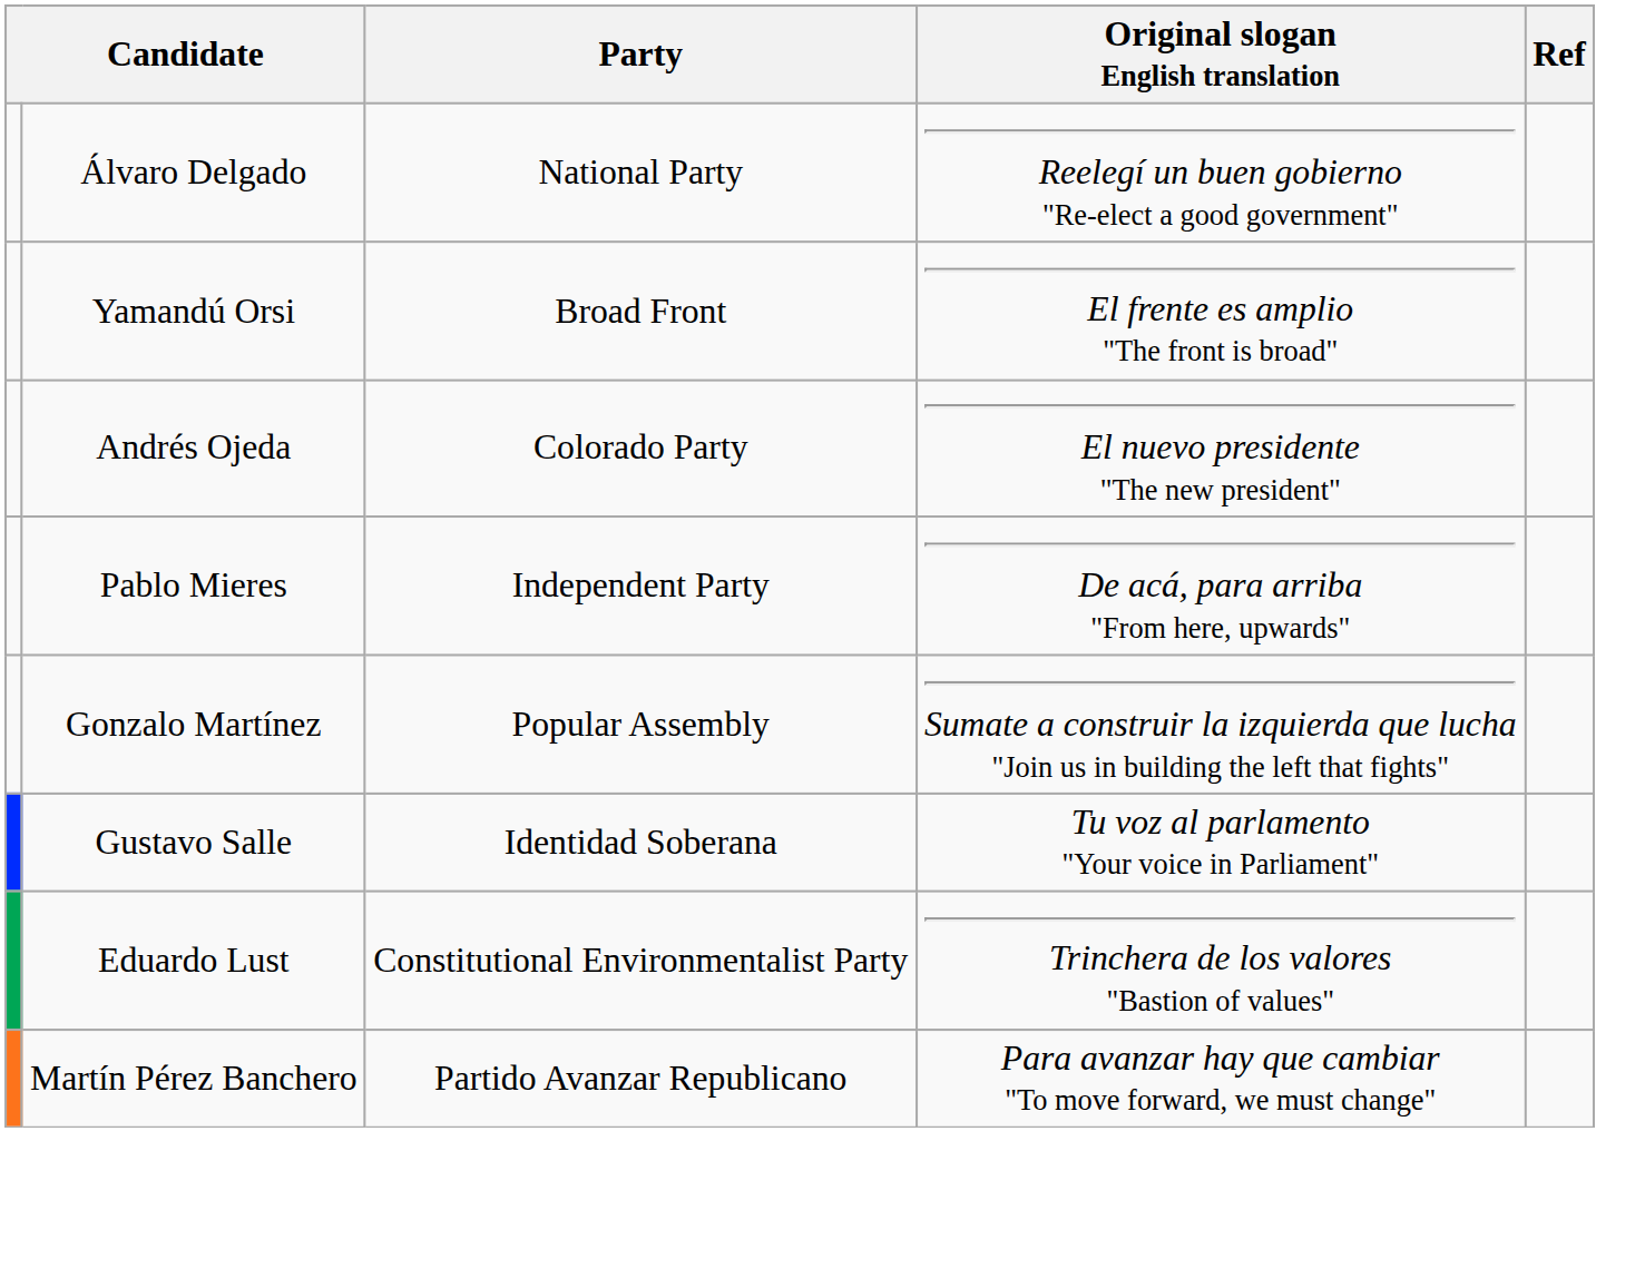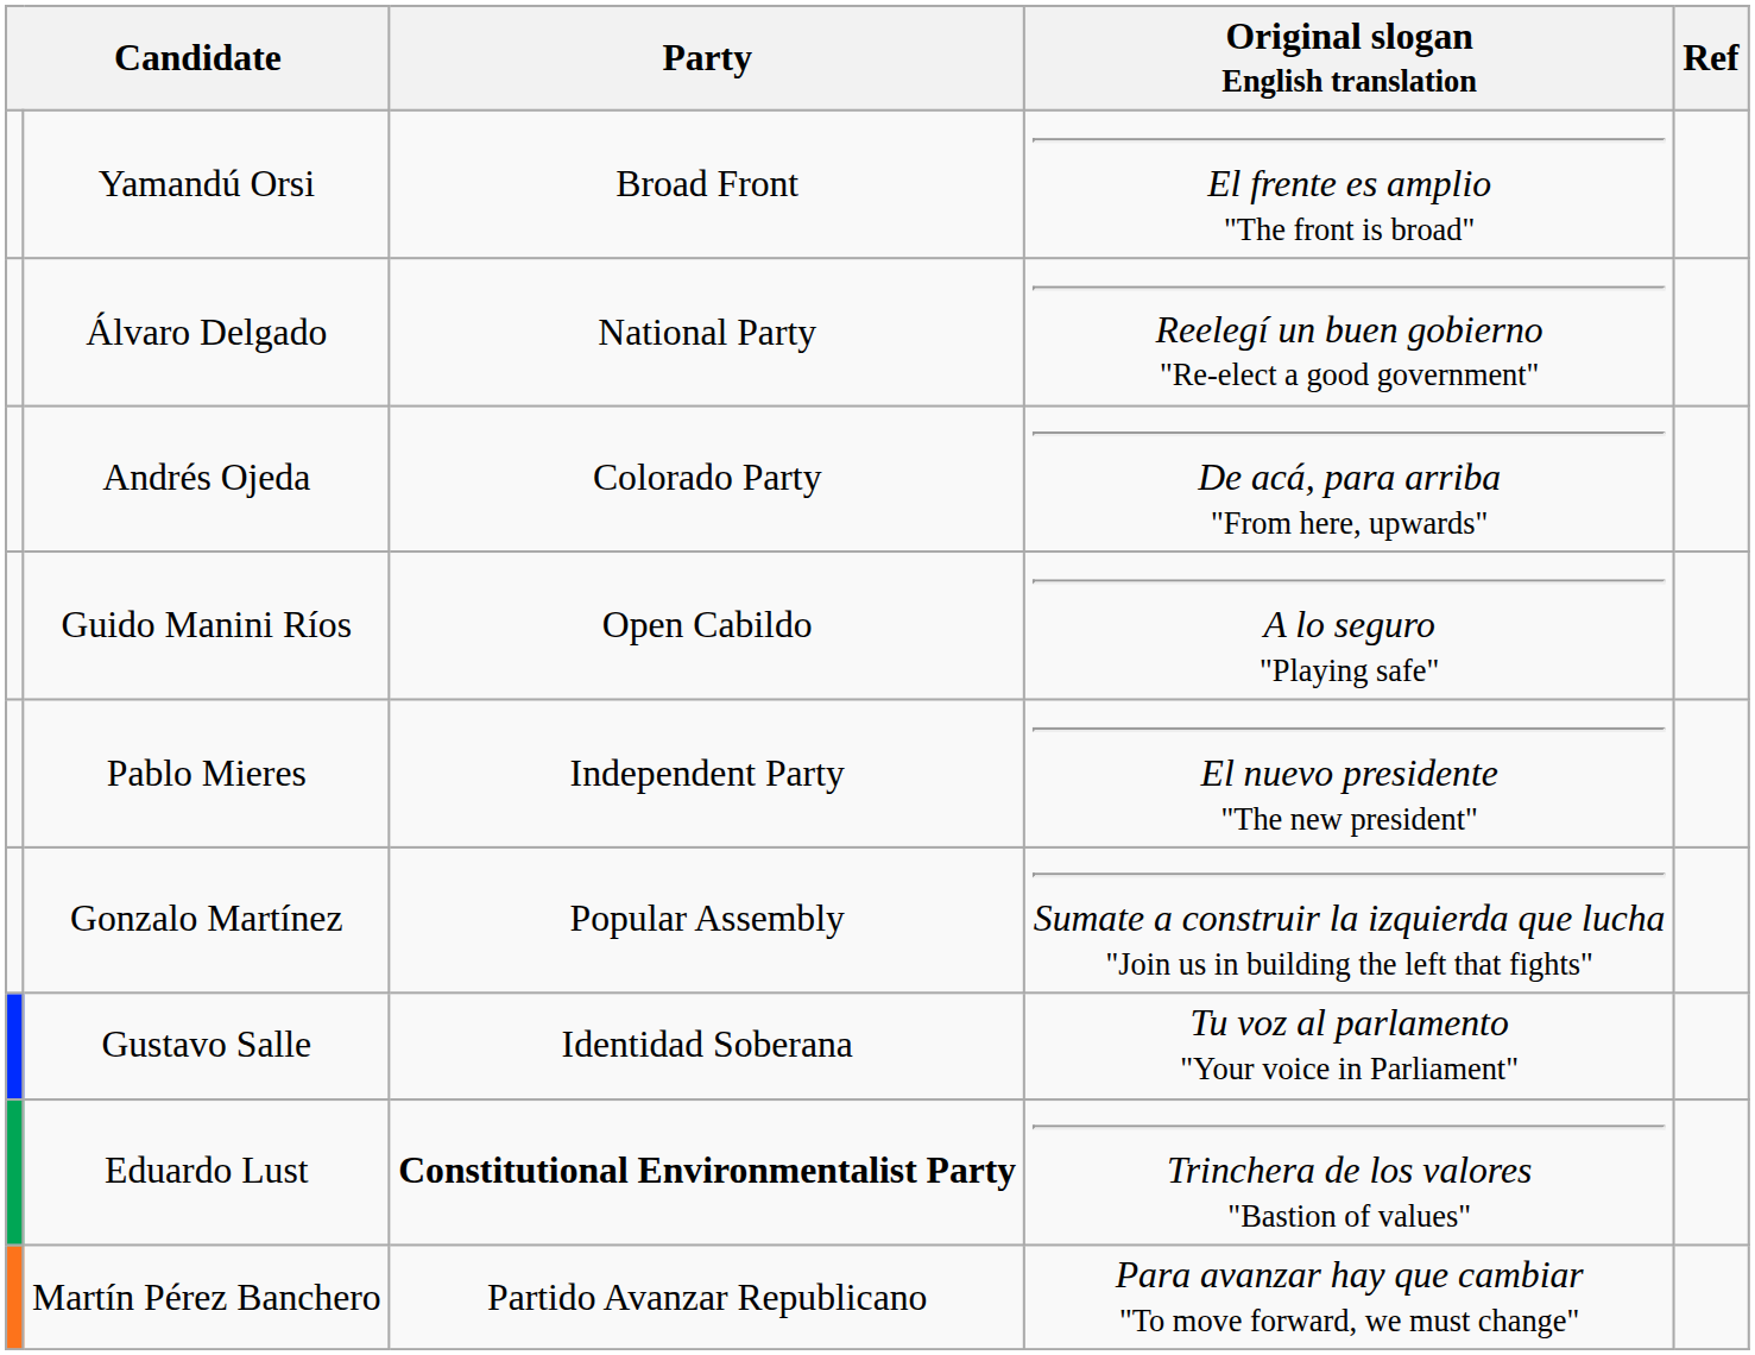 <table class="wikitable" style="font-size:97%; text-align:center;">
 <tr>
 <th colspan="2">Candidate</th>
 <th>Party</th>
 <th>Original slogan<br><small>English translation</small></th>
 <th>Ref</th>
+</tr>
+<tr>
+<td style="background:"></td>
+<td>Yamandú Orsi</td>
+<td>Broad Front</td>
+<td><hr><em>El frente es amplio</em><br><small>"The front is broad"</small></td>
+<td></td>
 </tr>
 <tr>
 <td style="background:"></td>
 <td>Álvaro Delgado</td>
 <td>National Party</td>
 <td><hr><em>Reelegí un buen gobierno</em><br><small>"Re-elect a good government"</small></td>
 <td></td>
 </tr>
 <tr>
 <td style="background:"></td>
-<td>Yamandú Orsi</td>
-<td>Broad Front</td>
-<td><hr><em>El frente es amplio</em><br><small>"The front is broad"</small></td>
+<td>Andrés Ojeda</td>
+<td>Colorado Party</td>
+<td><hr><em>De acá, para arriba</em><br><small>"From here, upwards"</small></td>
 <td></td>
 </tr>
 <tr>
 <td style="background:"></td>
-<td>Andrés Ojeda</td>
-<td>Colorado Party</td>
-<td><hr><em>El nuevo presidente</em><br><small>"The new president"</small></td>
+<td>Guido Manini Ríos</td>
+<td>Open Cabildo</td>
+<td><hr><em>A lo seguro</em><br><small>"Playing safe"</small></td>
 <td></td>
 </tr>
 <tr>
 <td style="background:"></td>
 <td>Pablo Mieres</td>
 <td>Independent Party</td>
-<td><hr><em>De acá, para arriba</em><br><small>"From here, upwards"</small></td>
+<td><hr><em>El nuevo presidente</em><br><small>"The new president"</small></td>
 <td></td>
 </tr>
 <tr>
 <td style="background:"></td>
 <td>Gonzalo Martínez</td>
 <td>Popular Assembly</td>
 <td><hr><em>Sumate a construir la izquierda que lucha</em><br><small>"Join us in building the left that fights"</small></td>
 <td></td>
 </tr>
 <tr>
 <td style="background:#002cfe"></td>
 <td>Gustavo Salle</td>
 <td>Identidad Soberana</td>
 <td><em>Tu voz al parlamento</em><br><small>"Your voice in Parliament"</small></td>
 <td></td>
 </tr>
 <tr>
 <td style="background:#00a655"></td>
 <td>Eduardo Lust</td>
-<td>Constitutional Environmentalist Party</td>
+<td><strong>Constitutional Environmentalist Party</strong></td>
 <td><hr><em>Trinchera de los valores</em><br><small>"Bastion of values"</small></td>
 <td></td>
 </tr>
 <tr>
 <td style="background:#fd731b"></td>
 <td>Martín Pérez Banchero</td>
 <td>Partido Avanzar Republicano</td>
 <td><em>Para avanzar hay que cambiar</em><br><small>"To move forward, we must change"</small></td>
 <td></td>
 </tr>
 </table>
